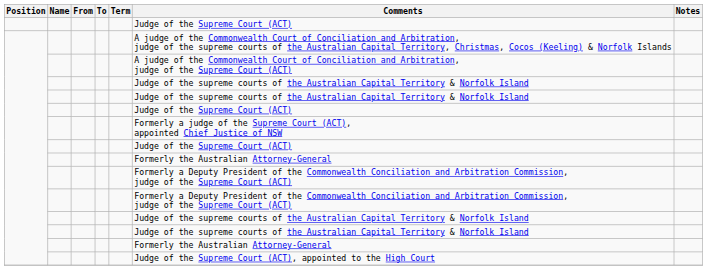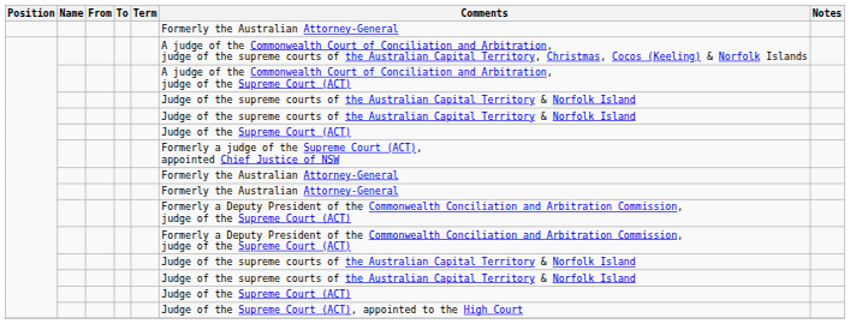 <table class="wikitable sortable" border="1" ||>
 <tr>
 <th>Position<br></th>
 <th>Name</th>
 <th>From</th>
 <th>To</th>
 <th>Term</th>
 <th class="unsortable">Comments</th>
 <th class="unsortable">Notes</th>
 </tr>
 <tr valign="top">
 <td></td>
 <td></td>
 <td align="middle"></td>
 <td align="middle"></td>
 <td></td>
-<td>Judge of the <a href='#'>Supreme Court (ACT)</a></td>
+<td>Formerly the Australian <a href='#'>Attorney-General</a></td>
 <td></td>
 </tr>
 <tr valign="top">
 <td rowspan="14"></td>
 <td></td>
 <td align="middle"></td>
 <td align="middle"></td>
 <td align=right></td>
 <td>A judge of the <a href='#'>Commonwealth Court of Conciliation and Arbitration</a>,<br>judge of the supreme courts of <a href='#'>the Australian Capital Territory</a>, <a href='#'>Christmas</a>, <a href='#'>Cocos (Keeling)</a> & <a href='#'>Norfolk</a> Islands</td>
 <td></td>
 </tr>
 <tr>
 <td></td>
 <td align="middle"></td>
 <td align="middle"></td>
 <td align=right></td>
 <td>A judge of the <a href='#'>Commonwealth Court of Conciliation and Arbitration</a>,<br> judge of the <a href='#'>Supreme Court (ACT)</a></td>
 <td></td>
 </tr>
 <tr>
 <td> </td>
 <td align="middle"></td>
 <td align="middle"></td>
 <td align=right></td>
 <td>Judge of the supreme courts of <a href='#'>the Australian Capital Territory</a> & <a href='#'>Norfolk Island</a></td>
 <td></td>
 </tr>
 <tr>
 <td></td>
 <td align="middle"></td>
 <td align="middle"></td>
 <td align=right></td>
 <td>Judge of the supreme courts of <a href='#'>the Australian Capital Territory</a> & <a href='#'>Norfolk Island</a></td>
 <td></td>
 </tr>
 <tr>
 <td></td>
 <td align="middle"></td>
 <td align="middle"></td>
 <td align=right></td>
 <td>Judge of the <a href='#'>Supreme Court (ACT)</a></td>
 <td></td>
 </tr>
 <tr>
 <td></td>
 <td align="middle"></td>
 <td align="middle"></td>
 <td align=right></td>
 <td>Formerly a judge of the <a href='#'>Supreme Court (ACT)</a>,<br>appointed <a href='#'>Chief Justice of NSW</a></td>
 <td></td>
 </tr>
 <tr>
 <td></td>
 <td align="middle"></td>
 <td align="middle"></td>
 <td align=right></td>
-<td>Judge of the <a href='#'>Supreme Court (ACT)</a></td>
+<td>Formerly the Australian <a href='#'>Attorney-General</a></td>
 <td></td>
 </tr>
 <tr>
 <td></td>
 <td align="middle"></td>
 <td align="middle"></td>
 <td align=right></td>
 <td>Formerly the Australian <a href='#'>Attorney-General</a></td>
 <td></td>
 </tr>
 <tr>
 <td></td>
 <td align="middle"></td>
 <td align="middle"></td>
 <td align=right></td>
 <td>Formerly a Deputy President of the <a href='#'>Commonwealth Conciliation and Arbitration Commission</a>,<br>judge of the <a href='#'>Supreme Court (ACT)</a></td>
 <td></td>
 </tr>
 <tr>
 <td></td>
 <td align="middle"></td>
 <td align="middle"></td>
 <td align=right></td>
 <td>Formerly a Deputy President of the <a href='#'>Commonwealth Conciliation and Arbitration Commission</a>,<br>judge of the <a href='#'>Supreme Court (ACT)</a></td>
 <td></td>
 </tr>
 <tr>
 <td> </td>
 <td align="middle"></td>
 <td align="middle"></td>
 <td align=right></td>
 <td>Judge of the supreme courts of <a href='#'>the Australian Capital Territory</a> & <a href='#'>Norfolk Island</a></td>
 <td></td>
 </tr>
 <tr | Judge>
 <td></td>
 <td align="middle"></td>
 <td align="middle"></td>
 <td align=right></td>
 <td>Judge of the supreme courts of <a href='#'>the Australian Capital Territory</a> & <a href='#'>Norfolk Island</a></td>
 <td></td>
 </tr>
 <tr>
 <td></td>
 <td align="middle"></td>
 <td align="middle"></td>
 <td align=right></td>
-<td>Formerly the Australian <a href='#'>Attorney-General</a></td>
+<td>Judge of the <a href='#'>Supreme Court (ACT)</a></td>
 <td></td>
 </tr>
 <tr>
 <td></td>
 <td align="middle"></td>
 <td align="middle"></td>
 <td align=right></td>
 <td>Judge of the <a href='#'>Supreme Court (ACT)</a>, appointed to the <a href='#'>High Court</a></td>
 <td></td>
 </tr>
 <tr>
 </tr>
 </table>
